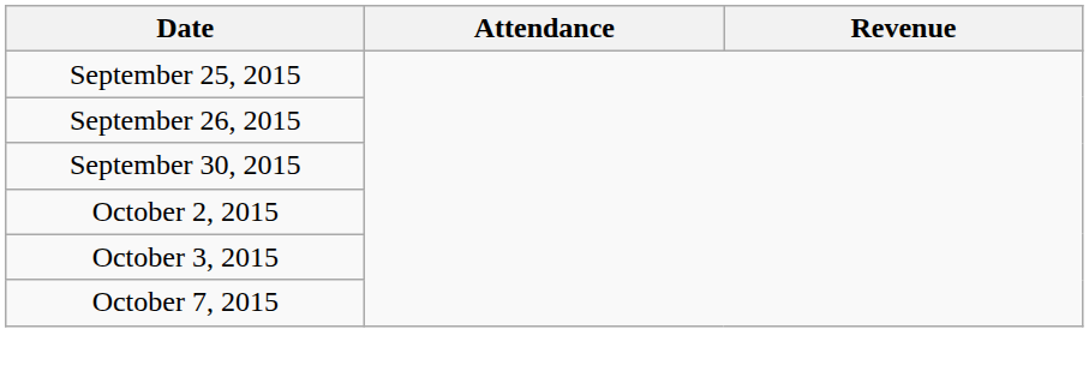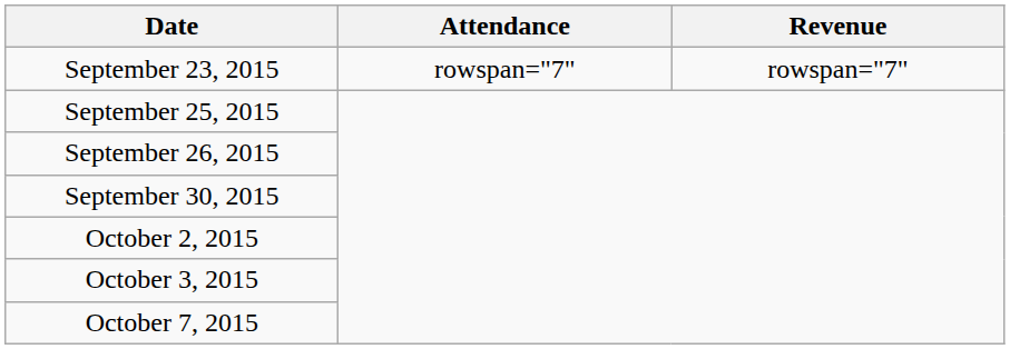 <table class="wikitable plainrowheaders" style="text-align:center;">
 <tr>
 <th scope="col" style="width:12em;">Date</th>
 <th scope="col" style="width:12em;">Attendance</th>
 <th scope="col" style="width:12em;">Revenue</th>
+</tr>
+<tr>
+<td>September 23, 2015</td>
+<td>rowspan="7" </td>
+<td>rowspan="7" </td>
 </tr>
 <tr>
 <td>September 25, 2015</td>
 </tr>
 <tr>
 <td>September 26, 2015</td>
 </tr>
 <tr>
 <td>September 30, 2015</td>
 </tr>
 <tr>
 <td>October 2, 2015</td>
 </tr>
 <tr>
 <td>October 3, 2015</td>
 </tr>
 <tr>
 <td>October 7, 2015</td>
 </tr>
 </table>
